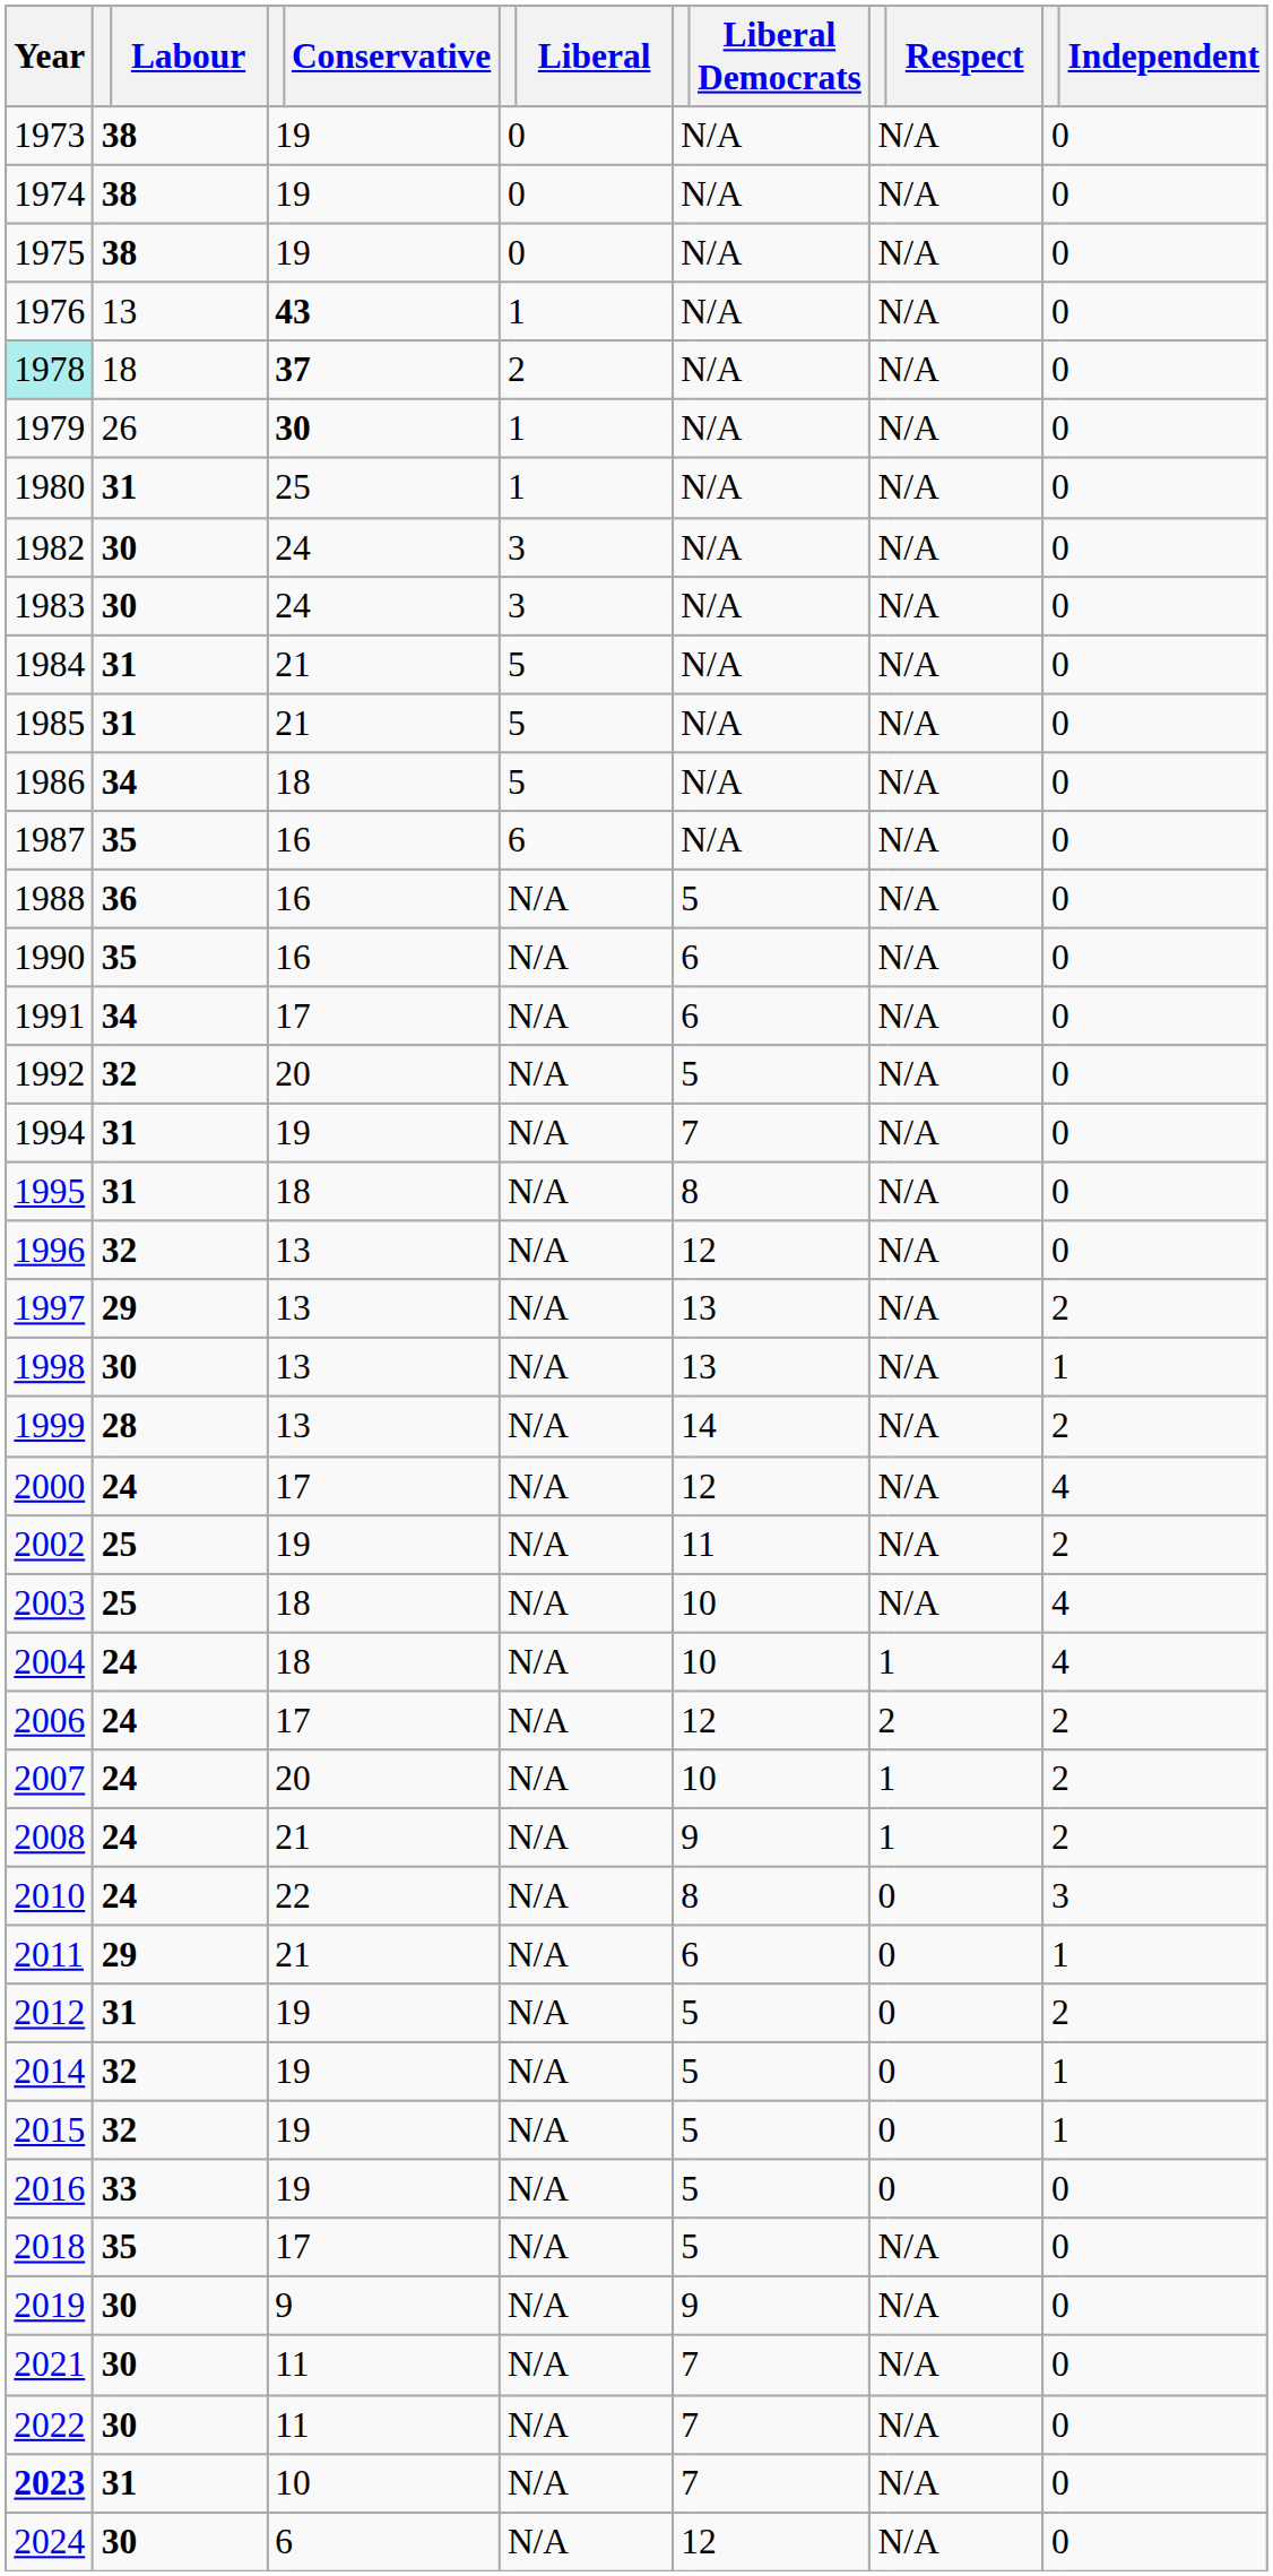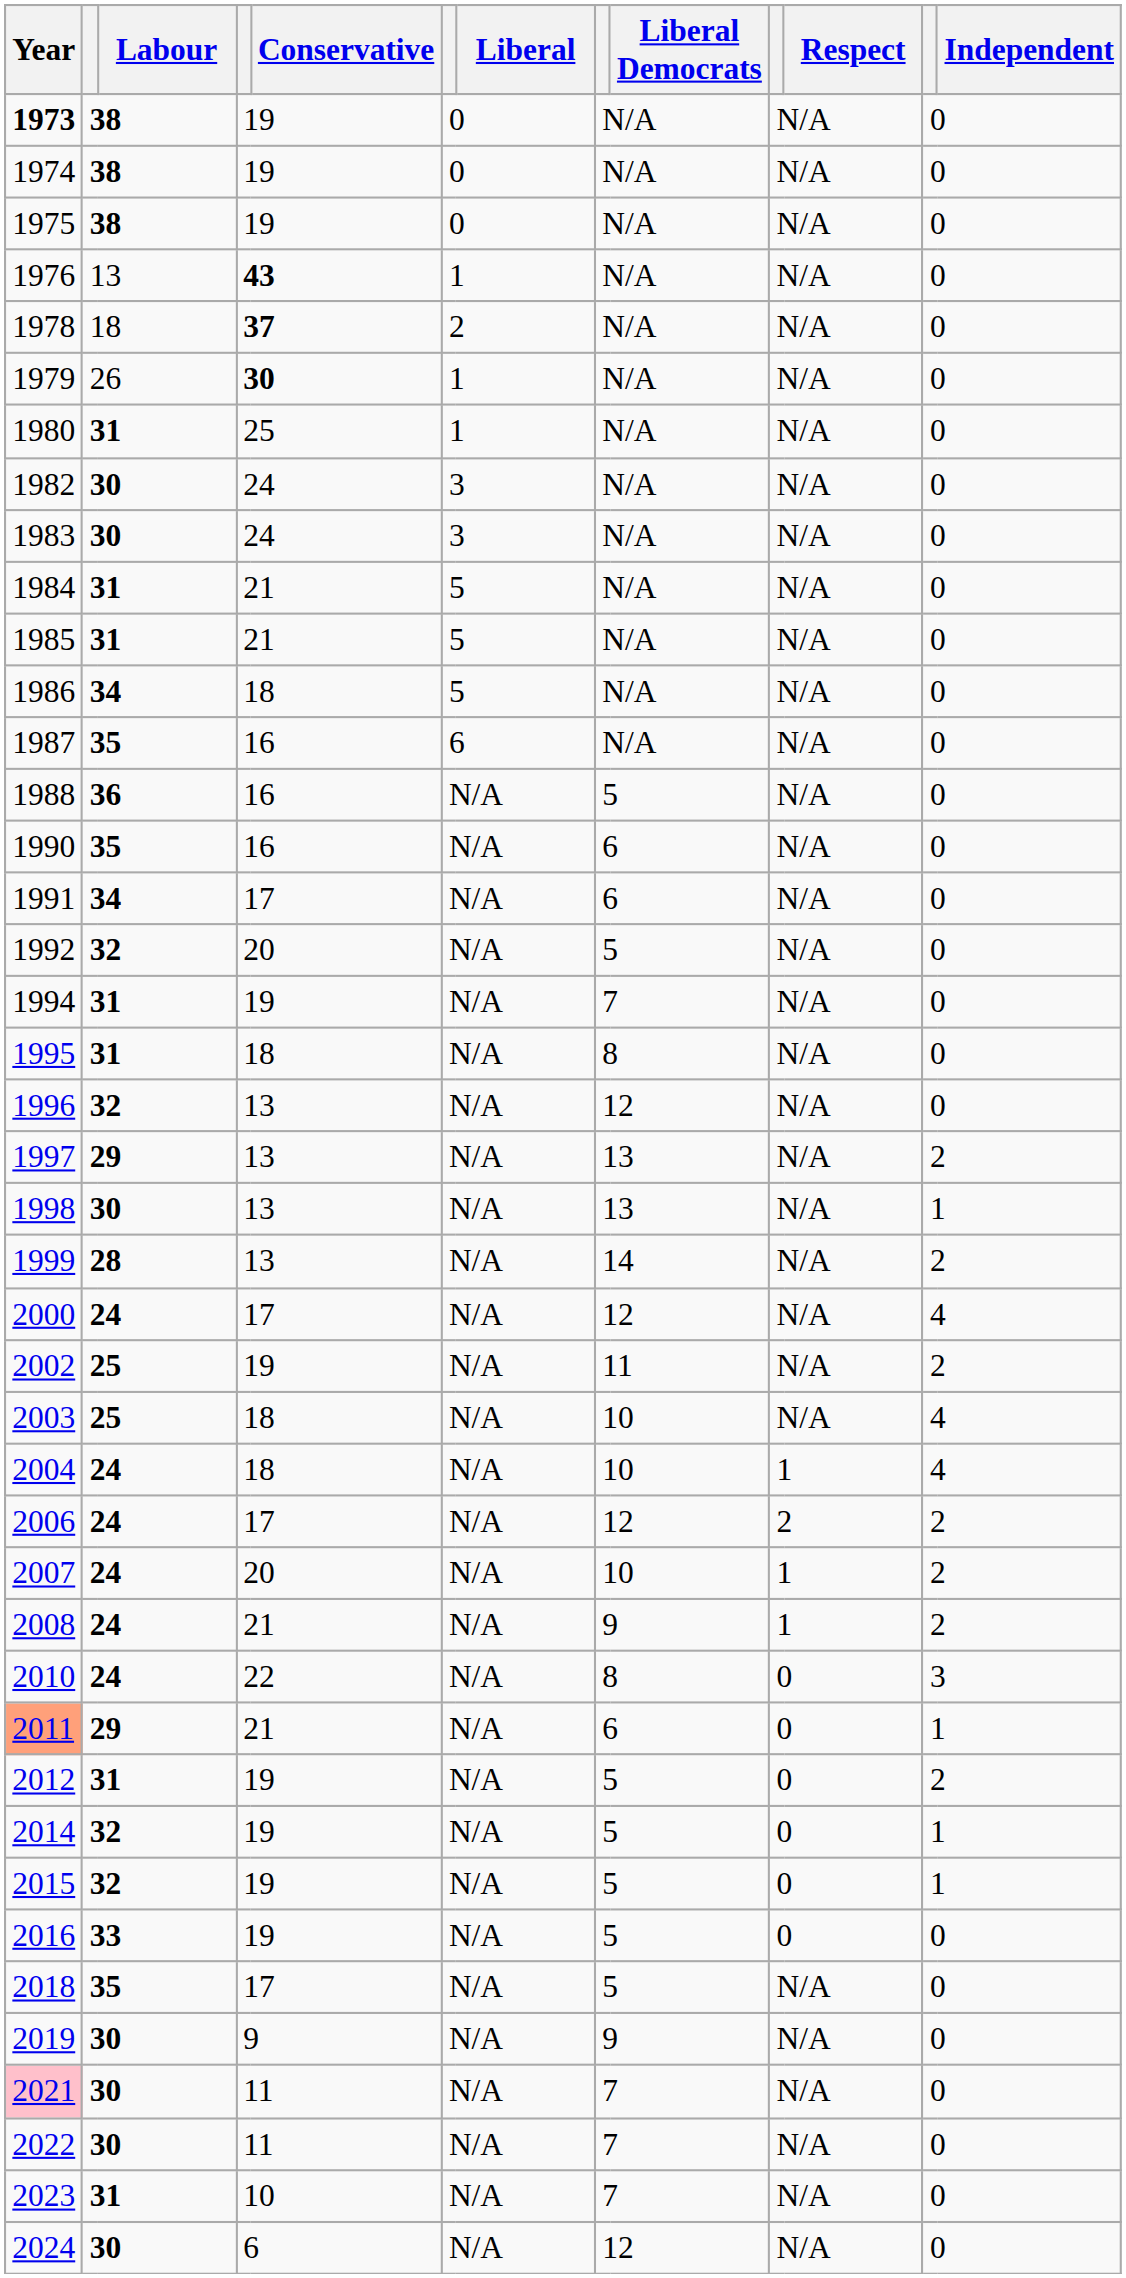 <table class="wikitable" style="font-size: 95%;">
 <tr>
 <th>Year</th>
 <th style="background-color: "></th>
 <th width="60"><a href='#'>Labour</a></th>
 <th style="background-color: "></th>
 <th width="60"><a href='#'>Conservative</a></th>
 <th style="background-color: "></th>
 <th width="60"><a href='#'>Liberal</a></th>
 <th style="background-color: "></th>
 <th width="60"><a href='#'>Liberal Democrats</a></th>
 <th style="background-color: "></th>
 <th width="60"><a href='#'>Respect</a></th>
 <th style="background-color: "></th>
 <th width="60"><a href='#'>Independent</a></th>
 </tr>
 <tr>
-<td>1973</td>
+<td><strong>1973</strong></td>
 <td colspan="2"><strong>38</strong></td>
 <td colspan="2">19</td>
 <td colspan="2">0</td>
 <td colspan="2">N/A</td>
 <td colspan="2">N/A</td>
 <td colspan="2">0</td>
 </tr>
 <tr>
 <td>1974</td>
 <td colspan="2"><strong>38</strong></td>
 <td colspan="2">19</td>
 <td colspan="2">0</td>
 <td colspan="2">N/A</td>
 <td colspan="2">N/A</td>
 <td colspan="2">0</td>
 </tr>
 <tr>
 <td>1975</td>
 <td colspan="2"><strong>38</strong></td>
 <td colspan="2">19</td>
 <td colspan="2">0</td>
 <td colspan="2">N/A</td>
 <td colspan="2">N/A</td>
 <td colspan="2">0</td>
 </tr>
 <tr>
 <td>1976</td>
 <td colspan="2">13</td>
 <td colspan="2"><strong>43</strong></td>
 <td colspan="2">1</td>
 <td colspan="2">N/A</td>
 <td colspan="2">N/A</td>
 <td colspan="2">0</td>
 </tr>
 <tr>
-<td style="background: paleturquoise;">1978</td>
+<td>1978</td>
 <td colspan="2">18</td>
 <td colspan="2"><strong>37</strong></td>
 <td colspan="2">2</td>
 <td colspan="2">N/A</td>
 <td colspan="2">N/A</td>
 <td colspan="2">0</td>
 </tr>
 <tr>
 <td>1979</td>
 <td colspan="2">26</td>
 <td colspan="2"><strong>30</strong></td>
 <td colspan="2">1</td>
 <td colspan="2">N/A</td>
 <td colspan="2">N/A</td>
 <td colspan="2">0</td>
 </tr>
 <tr>
 <td>1980</td>
 <td colspan="2"><strong>31</strong></td>
 <td colspan="2">25</td>
 <td colspan="2">1</td>
 <td colspan="2">N/A</td>
 <td colspan="2">N/A</td>
 <td colspan="2">0</td>
 </tr>
 <tr>
 <td>1982</td>
 <td colspan="2"><strong>30</strong></td>
 <td colspan="2">24</td>
 <td colspan="2">3</td>
 <td colspan="2">N/A</td>
 <td colspan="2">N/A</td>
 <td colspan="2">0</td>
 </tr>
 <tr>
 <td>1983</td>
 <td colspan="2"><strong>30</strong></td>
 <td colspan="2">24</td>
 <td colspan="2">3</td>
 <td colspan="2">N/A</td>
 <td colspan="2">N/A</td>
 <td colspan="2">0</td>
 </tr>
 <tr>
 <td>1984</td>
 <td colspan="2"><strong>31</strong></td>
 <td colspan="2">21</td>
 <td colspan="2">5</td>
 <td colspan="2">N/A</td>
 <td colspan="2">N/A</td>
 <td colspan="2">0</td>
 </tr>
 <tr>
 <td>1985</td>
 <td colspan="2"><strong>31</strong></td>
 <td colspan="2">21</td>
 <td colspan="2">5</td>
 <td colspan="2">N/A</td>
 <td colspan="2">N/A</td>
 <td colspan="2">0</td>
 </tr>
 <tr>
 <td>1986</td>
 <td colspan="2"><strong>34</strong></td>
 <td colspan="2">18</td>
 <td colspan="2">5</td>
 <td colspan="2">N/A</td>
 <td colspan="2">N/A</td>
 <td colspan="2">0</td>
 </tr>
 <tr>
 <td>1987</td>
 <td colspan="2"><strong>35</strong></td>
 <td colspan="2">16</td>
 <td colspan="2">6</td>
 <td colspan="2">N/A</td>
 <td colspan="2">N/A</td>
 <td colspan="2">0</td>
 </tr>
 <tr>
 <td>1988</td>
 <td colspan="2"><strong>36</strong></td>
 <td colspan="2">16</td>
 <td colspan="2">N/A</td>
 <td colspan="2">5</td>
 <td colspan="2">N/A</td>
 <td colspan="2">0</td>
 </tr>
 <tr>
 <td>1990</td>
 <td colspan="2"><strong>35</strong></td>
 <td colspan="2">16</td>
 <td colspan="2">N/A</td>
 <td colspan="2">6</td>
 <td colspan="2">N/A</td>
 <td colspan="2">0</td>
 </tr>
 <tr>
 <td>1991</td>
 <td colspan="2"><strong>34</strong></td>
 <td colspan="2">17</td>
 <td colspan="2">N/A</td>
 <td colspan="2">6</td>
 <td colspan="2">N/A</td>
 <td colspan="2">0</td>
 </tr>
 <tr>
 <td>1992</td>
 <td colspan="2"><strong>32</strong></td>
 <td colspan="2">20</td>
 <td colspan="2">N/A</td>
 <td colspan="2">5</td>
 <td colspan="2">N/A</td>
 <td colspan="2">0</td>
 </tr>
 <tr>
 <td>1994</td>
 <td colspan="2"><strong>31</strong></td>
 <td colspan="2">19</td>
 <td colspan="2">N/A</td>
 <td colspan="2">7</td>
 <td colspan="2">N/A</td>
 <td colspan="2">0</td>
 </tr>
 <tr>
 <td><a href='#'>1995</a></td>
 <td colspan="2"><strong>31</strong></td>
 <td colspan="2">18</td>
 <td colspan="2">N/A</td>
 <td colspan="2">8</td>
 <td colspan="2">N/A</td>
 <td colspan="2">0</td>
 </tr>
 <tr>
 <td><a href='#'>1996</a></td>
 <td colspan="2"><strong>32</strong></td>
 <td colspan="2">13</td>
 <td colspan="2">N/A</td>
 <td colspan="2">12</td>
 <td colspan="2">N/A</td>
 <td colspan="2">0</td>
 </tr>
 <tr>
 <td><a href='#'>1997</a></td>
 <td colspan="2"><strong>29</strong></td>
 <td colspan="2">13</td>
 <td colspan="2">N/A</td>
 <td colspan="2">13</td>
 <td colspan="2">N/A</td>
 <td colspan="2">2</td>
 </tr>
 <tr>
 <td><a href='#'>1998</a></td>
 <td colspan="2"><strong>30</strong></td>
 <td colspan="2">13</td>
 <td colspan="2">N/A</td>
 <td colspan="2">13</td>
 <td colspan="2">N/A</td>
 <td colspan="2">1</td>
 </tr>
 <tr>
 <td><a href='#'>1999</a></td>
 <td colspan="2"><strong>28</strong></td>
 <td colspan="2">13</td>
 <td colspan="2">N/A</td>
 <td colspan="2">14</td>
 <td colspan="2">N/A</td>
 <td colspan="2">2</td>
 </tr>
 <tr>
 <td><a href='#'>2000</a></td>
 <td colspan="2"><strong>24</strong></td>
 <td colspan="2">17</td>
 <td colspan="2">N/A</td>
 <td colspan="2">12</td>
 <td colspan="2">N/A</td>
 <td colspan="2">4</td>
 </tr>
 <tr>
 <td><a href='#'>2002</a></td>
 <td colspan="2"><strong>25</strong></td>
 <td colspan="2">19</td>
 <td colspan="2">N/A</td>
 <td colspan="2">11</td>
 <td colspan="2">N/A</td>
 <td colspan="2">2</td>
 </tr>
 <tr>
 <td><a href='#'>2003</a></td>
 <td colspan="2"><strong>25</strong></td>
 <td colspan="2">18</td>
 <td colspan="2">N/A</td>
 <td colspan="2">10</td>
 <td colspan="2">N/A</td>
 <td colspan="2">4</td>
 </tr>
 <tr>
 <td><a href='#'>2004</a></td>
 <td colspan="2"><strong>24</strong></td>
 <td colspan="2">18</td>
 <td colspan="2">N/A</td>
 <td colspan="2">10</td>
 <td colspan="2">1</td>
 <td colspan="2">4</td>
 </tr>
 <tr>
 <td><a href='#'>2006</a></td>
 <td colspan="2"><strong>24</strong></td>
 <td colspan="2">17</td>
 <td colspan="2">N/A</td>
 <td colspan="2">12</td>
 <td colspan="2">2</td>
 <td colspan="2">2</td>
 </tr>
 <tr>
 <td><a href='#'>2007</a></td>
 <td colspan="2"><strong>24</strong></td>
 <td colspan="2">20</td>
 <td colspan="2">N/A</td>
 <td colspan="2">10</td>
 <td colspan="2">1</td>
 <td colspan="2">2</td>
 </tr>
 <tr>
 <td><a href='#'>2008</a></td>
 <td colspan="2"><strong>24</strong></td>
 <td colspan="2">21</td>
 <td colspan="2">N/A</td>
 <td colspan="2">9</td>
 <td colspan="2">1</td>
 <td colspan="2">2</td>
 </tr>
 <tr>
 <td><a href='#'>2010</a></td>
 <td colspan="2"><strong>24</strong></td>
 <td colspan="2">22</td>
 <td colspan="2">N/A</td>
 <td colspan="2">8</td>
 <td colspan="2">0</td>
 <td colspan="2">3</td>
 </tr>
 <tr>
-<td><a href='#'>2011</a></td>
+<td style="background: lightsalmon;"><a href='#'>2011</a></td>
 <td colspan="2"><strong>29</strong></td>
 <td colspan="2">21</td>
 <td colspan="2">N/A</td>
 <td colspan="2">6</td>
 <td colspan="2">0</td>
 <td colspan="2">1</td>
 </tr>
 <tr>
 <td><a href='#'>2012</a></td>
 <td colspan="2"><strong>31</strong></td>
 <td colspan="2">19</td>
 <td colspan="2">N/A</td>
 <td colspan="2">5</td>
 <td colspan="2">0</td>
 <td colspan="2">2</td>
 </tr>
 <tr>
 <td><a href='#'>2014</a></td>
 <td colspan="2"><strong>32</strong></td>
 <td colspan="2">19</td>
 <td colspan="2">N/A</td>
 <td colspan="2">5</td>
 <td colspan="2">0</td>
 <td colspan="2">1</td>
 </tr>
 <tr>
 <td><a href='#'>2015</a></td>
 <td colspan="2"><strong>32</strong></td>
 <td colspan="2">19</td>
 <td colspan="2">N/A</td>
 <td colspan="2">5</td>
 <td colspan="2">0</td>
 <td colspan="2">1</td>
 </tr>
 <tr>
 <td><a href='#'>2016</a></td>
 <td colspan="2"><strong>33</strong></td>
 <td colspan="2">19</td>
 <td colspan="2">N/A</td>
 <td colspan="2">5</td>
 <td colspan="2">0</td>
 <td colspan="2">0</td>
 </tr>
 <tr>
 <td><a href='#'>2018</a></td>
 <td colspan="2"><strong>35</strong></td>
 <td colspan="2">17</td>
 <td colspan="2">N/A</td>
 <td colspan="2">5</td>
 <td colspan="2">N/A</td>
 <td colspan="2">0</td>
 </tr>
 <tr>
 <td><a href='#'>2019</a></td>
 <td colspan="2"><strong>30</strong></td>
 <td colspan="2">9</td>
 <td colspan="2">N/A</td>
 <td colspan="2">9</td>
 <td colspan="2">N/A</td>
 <td colspan="2">0</td>
 </tr>
 <tr>
-<td><a href='#'>2021</a></td>
+<td style="background: pink;"><a href='#'>2021</a></td>
 <td colspan="2"><strong>30</strong></td>
 <td colspan="2">11</td>
 <td colspan="2">N/A</td>
 <td colspan="2">7</td>
 <td colspan="2">N/A</td>
 <td colspan="2">0</td>
 </tr>
 <tr>
 <td><a href='#'>2022</a></td>
 <td colspan="2"><strong>30</strong></td>
 <td colspan="2">11</td>
 <td colspan="2">N/A</td>
 <td colspan="2">7</td>
 <td colspan="2">N/A</td>
 <td colspan="2">0</td>
 </tr>
 <tr>
-<td><strong><a href='#'>2023</a></strong></td>
+<td><a href='#'>2023</a></td>
 <td colspan="2"><strong>31</strong></td>
 <td colspan="2">10</td>
 <td colspan="2">N/A</td>
 <td colspan="2">7</td>
 <td colspan="2">N/A</td>
 <td colspan="2">0</td>
 </tr>
 <tr>
 <td><a href='#'>2024</a></td>
 <td colspan="2"><strong>30</strong></td>
 <td colspan="2">6</td>
 <td colspan="2">N/A</td>
 <td colspan="2">12</td>
 <td colspan="2">N/A</td>
 <td colspan="2">0</td>
 </tr>
 </table>
